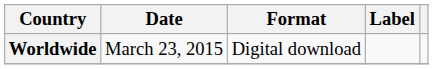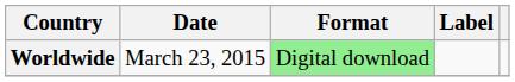 <table class="wikitable plainrowheaders">
 <tr>
 <th scope="col">Country</th>
 <th scope="col">Date</th>
 <th scope="col">Format</th>
 <th scope="col">Label</th>
 <th scope="col"></th>
 </tr>
 <tr>
 <th scope="row">Worldwide</th>
 <td>March 23, 2015</td>
-<td>Digital download</td>
+<td style="background: lightgreen;">Digital download</td>
 <td></td>
 <td></td>
 </tr>
 <tr>
 </tr>
 </table>
